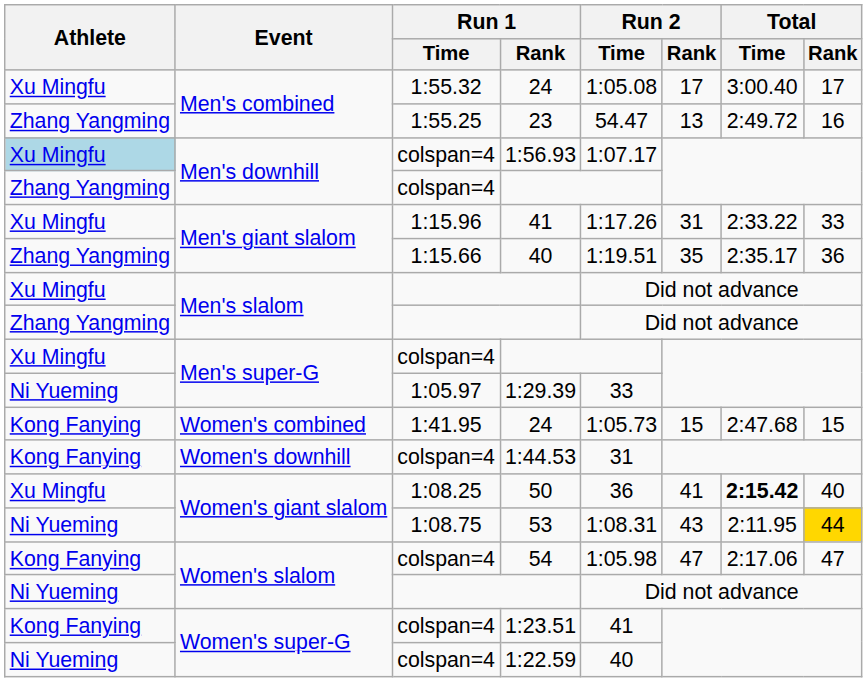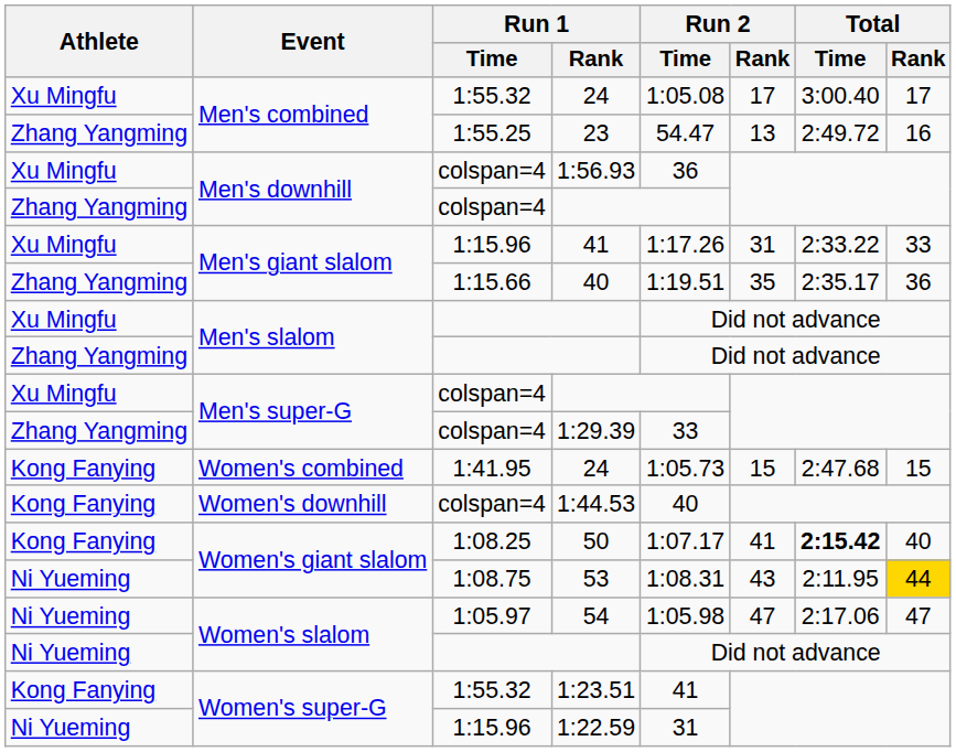 <table class="wikitable" style="font-size:90%">
 <tr>
 <th rowspan=2>Athlete</th>
 <th rowspan=2>Event</th>
 <th colspan=2>Run 1</th>
 <th colspan=2>Run 2</th>
 <th colspan=2>Total</th>
 </tr>
 <tr style="font-size:95%">
 <th>Time</th>
 <th>Rank</th>
 <th>Time</th>
 <th>Rank</th>
 <th>Time</th>
 <th>Rank</th>
 </tr>
 <tr align=center>
 <td align=left><a href='#'>Xu Mingfu</a></td>
 <td align=left rowspan=2><a href='#'>Men's combined</a></td>
 <td>1:55.32</td>
 <td>24</td>
 <td>1:05.08</td>
 <td>17</td>
 <td>3:00.40</td>
 <td>17</td>
 </tr>
 <tr align=center>
 <td align=left><a href='#'>Zhang Yangming</a></td>
 <td>1:55.25</td>
 <td>23</td>
 <td>54.47</td>
 <td>13</td>
 <td>2:49.72</td>
 <td>16</td>
 </tr>
 <tr align=center>
-<td align=left style="background: lightblue;"><a href='#'>Xu Mingfu</a></td>
+<td align=left><a href='#'>Xu Mingfu</a></td>
 <td align=left rowspan=2><a href='#'>Men's downhill</a></td>
 <td>colspan=4 </td>
 <td>1:56.93</td>
-<td>1:07.17</td>
+<td>36</td>
 </tr>
 <tr align=center>
 <td align=left><a href='#'>Zhang Yangming</a></td>
 <td>colspan=4 </td>
 <td colspan=2></td>
 </tr>
 <tr align=center>
 <td align=left><a href='#'>Xu Mingfu</a></td>
 <td align=left rowspan=2><a href='#'>Men's giant slalom</a></td>
 <td>1:15.96</td>
 <td>41</td>
 <td>1:17.26</td>
 <td>31</td>
 <td>2:33.22</td>
 <td>33</td>
 </tr>
 <tr align=center>
 <td align=left><a href='#'>Zhang Yangming</a></td>
 <td>1:15.66</td>
 <td>40</td>
 <td>1:19.51</td>
 <td>35</td>
 <td>2:35.17</td>
 <td>36</td>
 </tr>
 <tr align=center>
 <td align=left><a href='#'>Xu Mingfu</a></td>
 <td align=left rowspan=2><a href='#'>Men's slalom</a></td>
 <td colspan=2></td>
 <td colspan=4>Did not advance</td>
 </tr>
 <tr align=center>
 <td align=left><a href='#'>Zhang Yangming</a></td>
 <td colspan=2></td>
 <td colspan=4>Did not advance</td>
 </tr>
 <tr align=center>
 <td align=left><a href='#'>Xu Mingfu</a></td>
 <td align=left rowspan=2><a href='#'>Men's super-G</a></td>
 <td>colspan=4 </td>
 <td colspan=2></td>
 </tr>
 <tr align=center>
-<td align=left><a href='#'>Ni Yueming</a></td>
-<td>1:05.97</td>
+<td align=left><a href='#'>Zhang Yangming</a></td>
+<td>colspan=4 </td>
 <td>1:29.39</td>
 <td>33</td>
 </tr>
 <tr align=center>
 <td align=left><a href='#'>Kong Fanying</a></td>
 <td align=left><a href='#'>Women's combined</a></td>
 <td>1:41.95</td>
 <td>24</td>
 <td>1:05.73</td>
 <td>15</td>
 <td>2:47.68</td>
 <td>15</td>
 </tr>
 <tr align=center>
 <td align=left><a href='#'>Kong Fanying</a></td>
 <td align=left><a href='#'>Women's downhill</a></td>
 <td>colspan=4 </td>
 <td>1:44.53</td>
-<td>31</td>
+<td>40</td>
 </tr>
 <tr align=center>
-<td align=left><a href='#'>Xu Mingfu</a></td>
+<td align=left><a href='#'>Kong Fanying</a></td>
 <td align=left rowspan=2><a href='#'>Women's giant slalom</a></td>
 <td>1:08.25</td>
 <td>50</td>
-<td>36</td>
+<td>1:07.17</td>
 <td>41</td>
 <td><strong>2:15.42</strong></td>
 <td>40</td>
 </tr>
 <tr align=center>
 <td align=left><a href='#'>Ni Yueming</a></td>
 <td>1:08.75</td>
 <td>53</td>
 <td>1:08.31</td>
 <td>43</td>
 <td>2:11.95</td>
 <td style="background: gold;">44</td>
 </tr>
 <tr align=center>
-<td align=left><a href='#'>Kong Fanying</a></td>
+<td align=left><a href='#'>Ni Yueming</a></td>
 <td align=left rowspan=2><a href='#'>Women's slalom</a></td>
-<td>colspan=4 </td>
+<td>1:05.97</td>
 <td>54</td>
 <td>1:05.98</td>
 <td>47</td>
 <td>2:17.06</td>
 <td>47</td>
 </tr>
 <tr align=center>
 <td align=left><a href='#'>Ni Yueming</a></td>
 <td colspan=2></td>
 <td colspan=4>Did not advance</td>
 </tr>
 <tr align=center>
 <td align=left><a href='#'>Kong Fanying</a></td>
 <td align=left rowspan=2><a href='#'>Women's super-G</a></td>
-<td>colspan=4 </td>
+<td>1:55.32</td>
 <td>1:23.51</td>
 <td>41</td>
 </tr>
 <tr align=center>
 <td align=left><a href='#'>Ni Yueming</a></td>
-<td>colspan=4 </td>
+<td>1:15.96</td>
 <td>1:22.59</td>
-<td>40</td>
+<td>31</td>
 </tr>
 </table>
